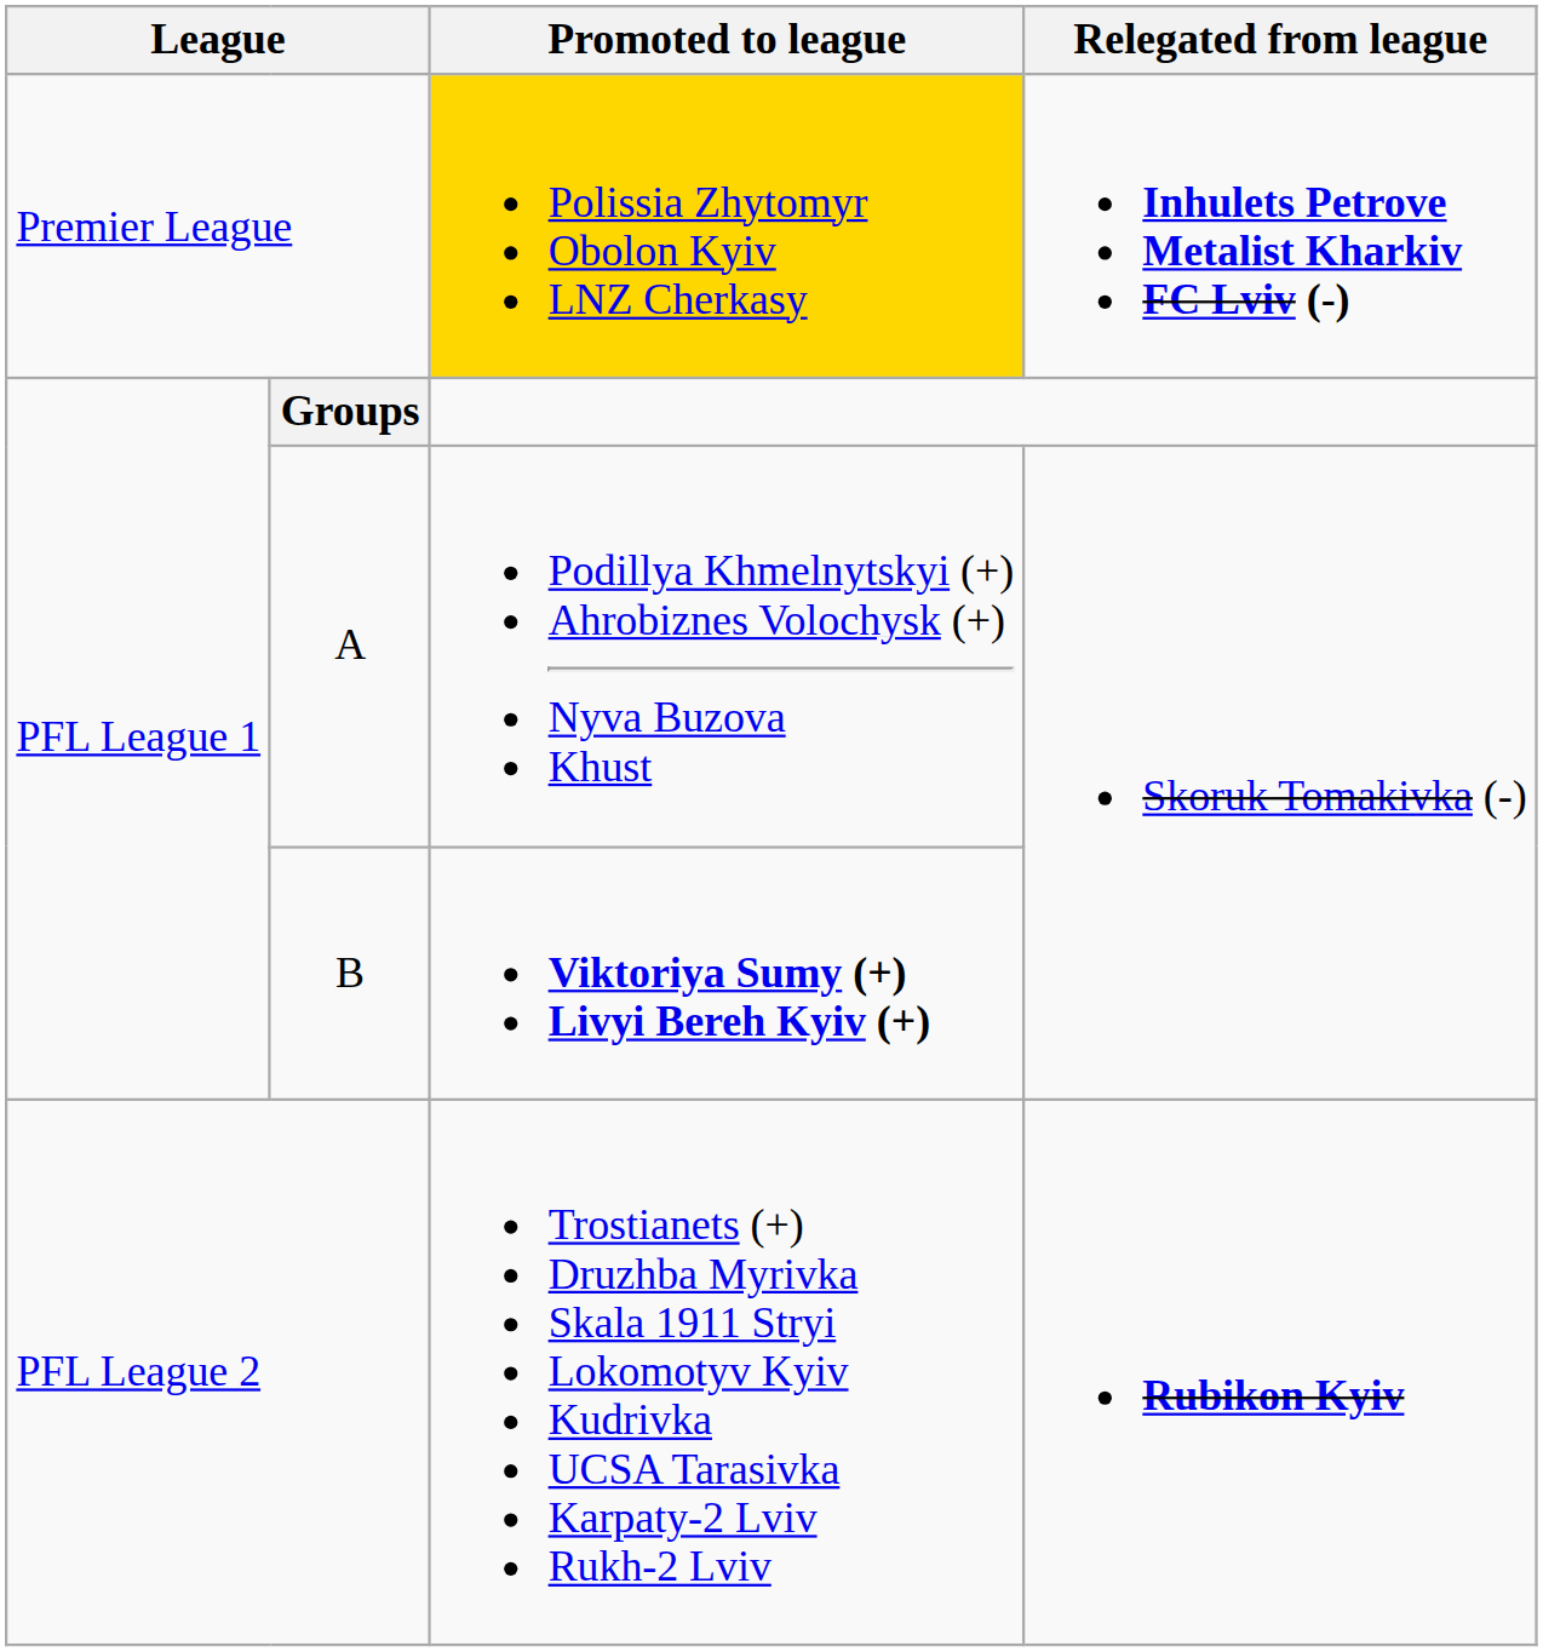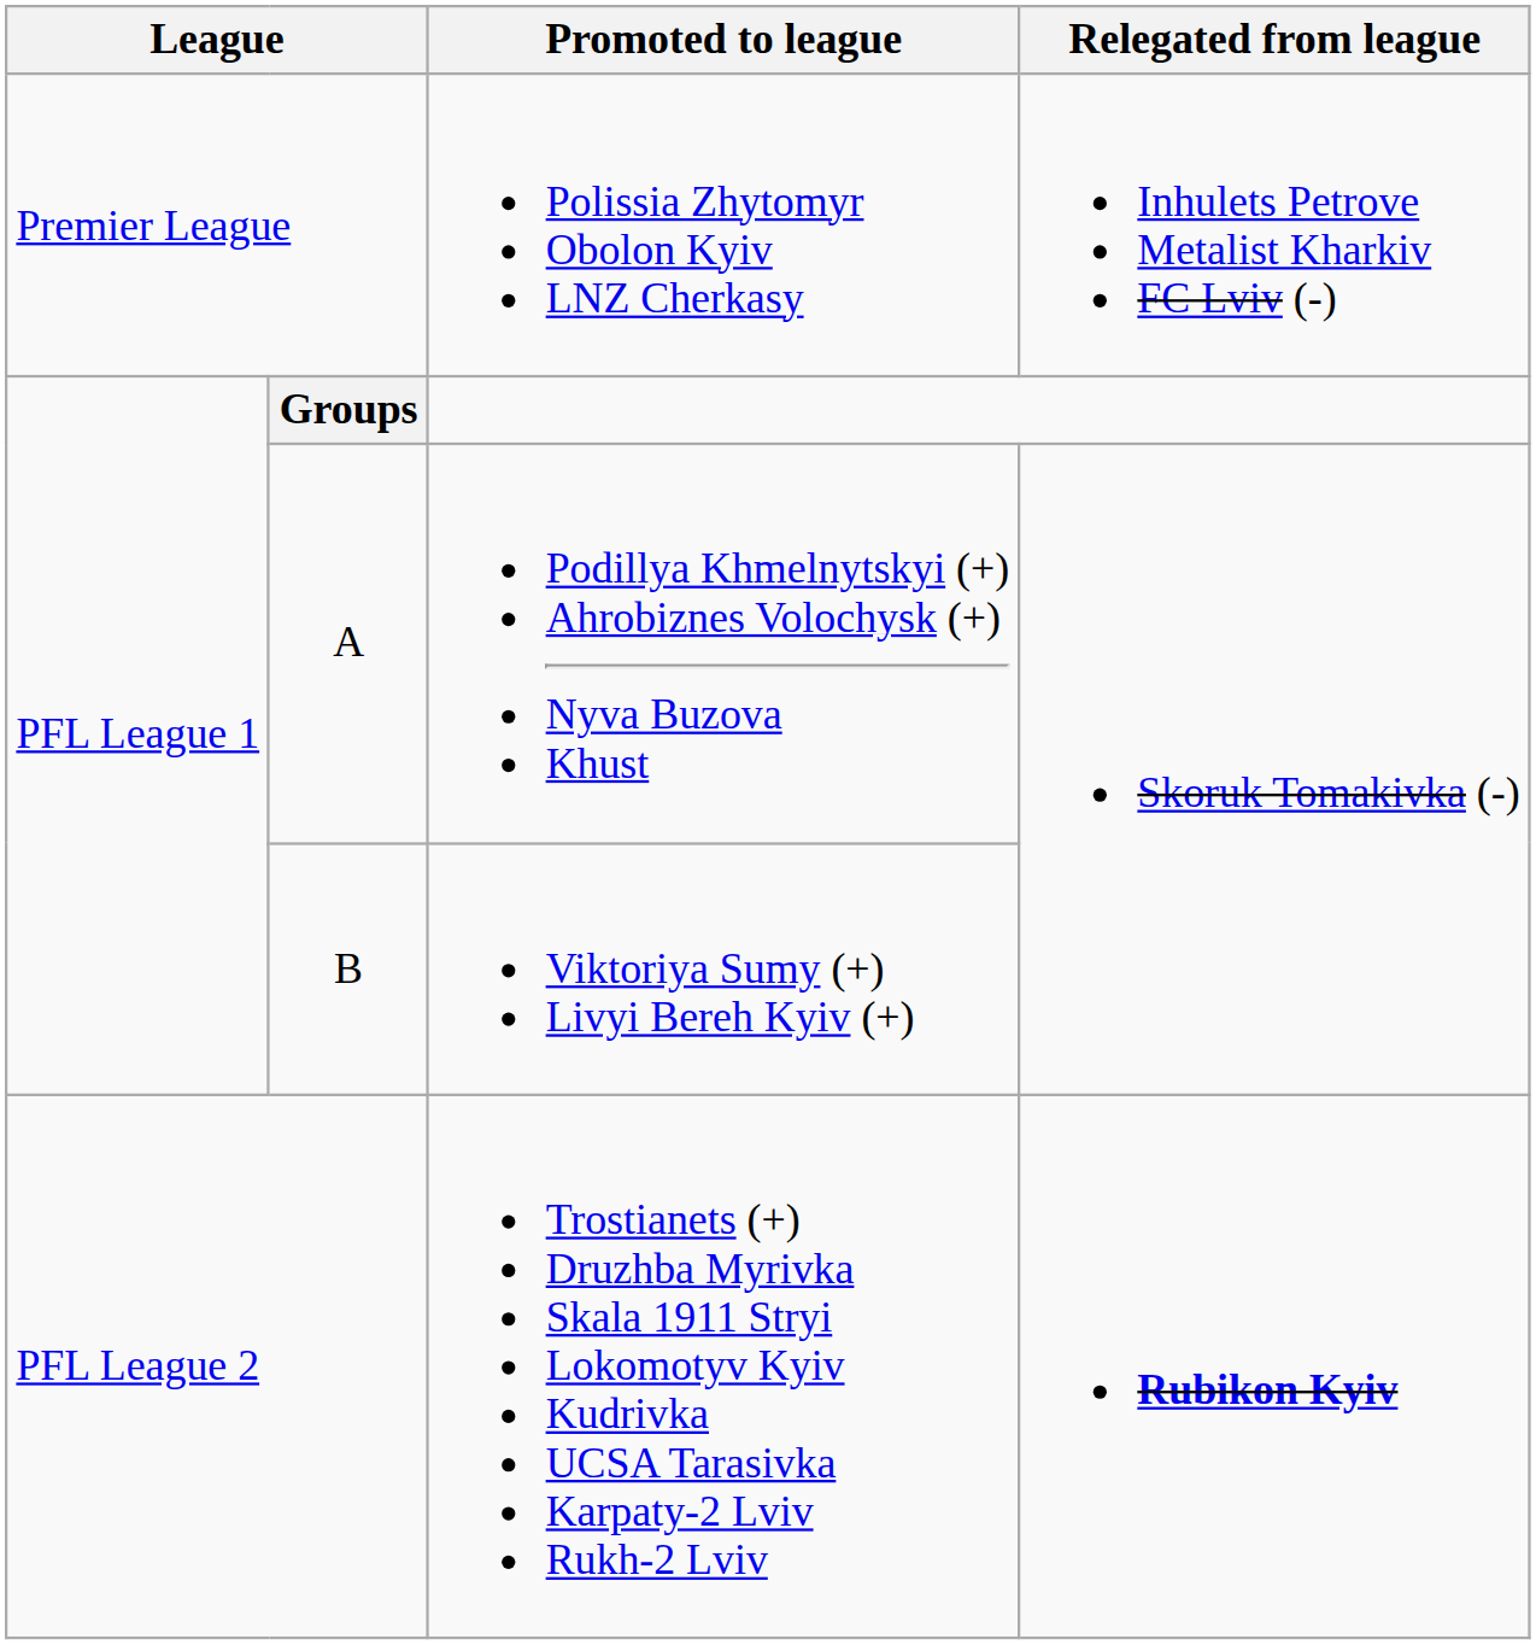 <table class="wikitable">
 <tr>
 <th colspan=2>League</th>
 <th>Promoted to league</th>
 <th>Relegated from league</th>
 </tr>
 <tr>
 <td colspan=2><a href='#'>Premier League</a></td>
-<td style="background: gold;"><br><ul><li><a href='#'>Polissia Zhytomyr</a></li><li><a href='#'>Obolon Kyiv</a></li><li><a href='#'>LNZ Cherkasy</a></li></ul></td>
-<td><strong><br><ul><li><a href='#'>Inhulets Petrove</a></li><li><a href='#'>Metalist Kharkiv</a></li><li><del><a href='#'>FC Lviv</a></del> (-)</li></ul></strong></td>
+<td><br><ul><li><a href='#'>Polissia Zhytomyr</a></li><li><a href='#'>Obolon Kyiv</a></li><li><a href='#'>LNZ Cherkasy</a></li></ul></td>
+<td><br><ul><li><a href='#'>Inhulets Petrove</a></li><li><a href='#'>Metalist Kharkiv</a></li><li><del><a href='#'>FC Lviv</a></del> (-)</li></ul></td>
 </tr>
 <tr>
 <td rowspan=3><a href='#'>PFL League 1</a></td>
 <th>Groups</th>
 <td colspan=2></td>
 </tr>
 <tr>
 <td align=center>A</td>
 <td><br><ul><li><a href='#'>Podillya Khmelnytskyi</a> (+)</li><li><a href='#'>Ahrobiznes Volochysk</a> (+)<hr></li><li><a href='#'>Nyva Buzova</a></li><li><a href='#'>Khust</a></li></ul></td>
 <td rowspan=2><br><ul><li><del><a href='#'>Skoruk Tomakivka</a></del> (-)</li></ul></td>
 </tr>
 <tr>
 <td align=center>B</td>
-<td><strong><br><ul><li><a href='#'>Viktoriya Sumy</a> (+)</li><li><a href='#'>Livyi Bereh Kyiv</a> (+)</li></ul></strong></td>
+<td><br><ul><li><a href='#'>Viktoriya Sumy</a> (+)</li><li><a href='#'>Livyi Bereh Kyiv</a> (+)</li></ul></td>
 </tr>
 <tr>
 <td colspan=2><a href='#'>PFL League 2</a></td>
 <td><br><ul><li><a href='#'>Trostianets</a> (+)</li><li><a href='#'>Druzhba Myrivka</a></li><li><a href='#'>Skala 1911 Stryi</a></li><li><a href='#'>Lokomotyv Kyiv</a></li><li><a href='#'>Kudrivka</a></li><li><a href='#'>UCSA Tarasivka</a></li><li><a href='#'>Karpaty-2 Lviv</a></li><li><a href='#'>Rukh-2 Lviv</a></li></ul></td>
 <td><strong><br><ul><li><del><a href='#'>Rubikon Kyiv</a></del></li></ul></strong></td>
 </tr>
 </table>
